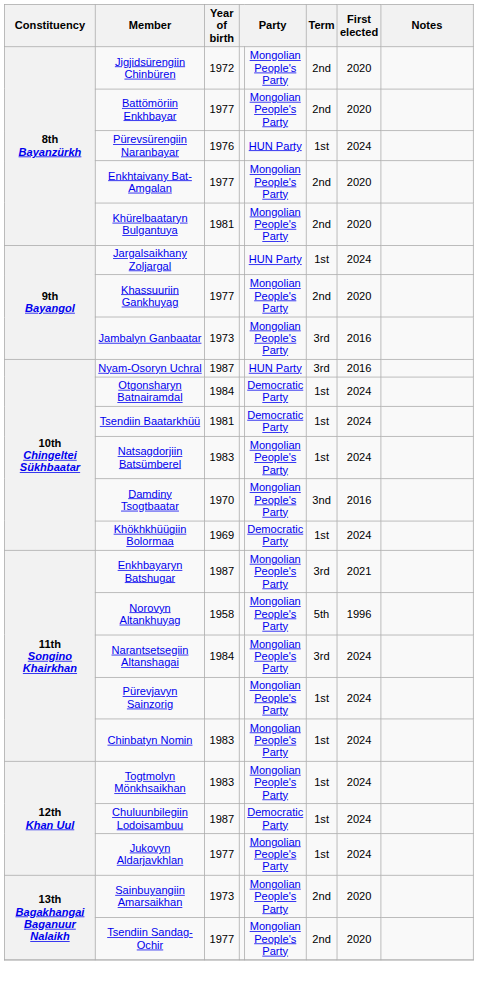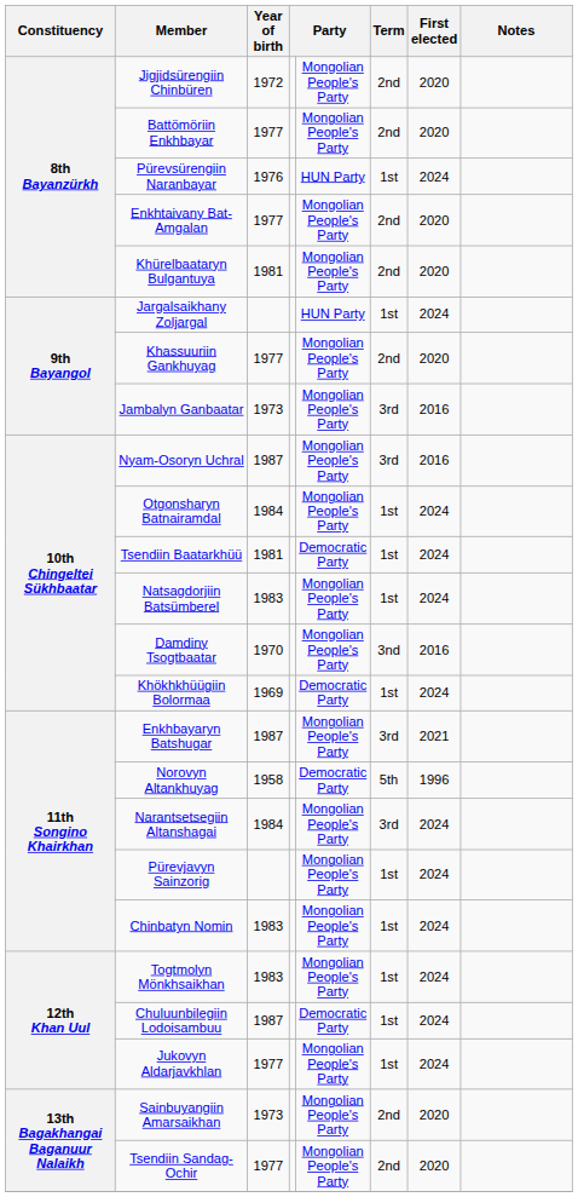 <table class="wikitable sortable" style="font-size:90%; text-align:center">
 <tr>
 <th scope="col" style="width:150px;">Constituency</th>
 <th scope="col" style="width:200px;">Member</th>
 <th scope="col" style="width:50px;">Year of birth</th>
 <th scope="col" style="width:200px;" colspan="2">Party</th>
 <th scope="col" style="width:20px;">Term</th>
 <th scope="col" style="width:50px;">First elected</th>
 <th scope="col" style="width:250px;" class="unsortable">Notes</th>
 </tr>
 <tr>
 <th rowspan="5">8th<br><em><a href='#'>Bayanzürkh</a></em></th>
 <td><a href='#'>Jigjidsürengiin Chinbüren</a></td>
 <td>1972</td>
 <td scope="row" width="1" style="background-color:"></td>
 <td><a href='#'>Mongolian People's Party</a></td>
 <td>2nd</td>
 <td>2020</td>
 <td></td>
 </tr>
 <tr>
 <td><a href='#'>Battömöriin Enkhbayar</a></td>
 <td>1977</td>
 <td scope="row" width="1" style="background-color:"></td>
 <td><a href='#'>Mongolian People's Party</a></td>
 <td>2nd</td>
 <td>2020</td>
 <td></td>
 </tr>
 <tr>
 <td><a href='#'>Pürevsürengiin Naranbayar</a></td>
 <td>1976</td>
 <td scope="row" width="1" style="background-color:"></td>
 <td><a href='#'>HUN Party</a></td>
 <td>1st</td>
 <td>2024</td>
 <td></td>
 </tr>
 <tr>
 <td><a href='#'>Enkhtaivany Bat-Amgalan</a></td>
 <td>1977</td>
 <td scope="row" width="1" style="background-color:"></td>
 <td><a href='#'>Mongolian People's Party</a></td>
 <td>2nd</td>
 <td>2020</td>
 <td></td>
 </tr>
 <tr>
 <td><a href='#'>Khürelbaataryn Bulgantuya</a></td>
 <td>1981</td>
 <td scope="row" width="1" style="background-color:"></td>
 <td><a href='#'>Mongolian People's Party</a></td>
 <td>2nd</td>
 <td>2020</td>
 <td></td>
 </tr>
 <tr>
 <th rowspan="3">9th<br><em><a href='#'>Bayangol</a></em></th>
 <td><a href='#'>Jargalsaikhany Zoljargal</a></td>
 <td></td>
 <td scope="row" width="1" style="background-color:"></td>
 <td><a href='#'>HUN Party</a></td>
 <td>1st</td>
 <td>2024</td>
 <td></td>
 </tr>
 <tr>
 <td><a href='#'>Khassuuriin Gankhuyag</a></td>
 <td>1977</td>
 <td scope="row" width="1" style="background-color:"></td>
 <td><a href='#'>Mongolian People's Party</a></td>
 <td>2nd</td>
 <td>2020</td>
 <td></td>
 </tr>
 <tr>
 <td><a href='#'>Jambalyn Ganbaatar</a></td>
 <td>1973</td>
 <td scope="row" width="1" style="background-color:"></td>
 <td><a href='#'>Mongolian People's Party</a></td>
 <td>3rd</td>
 <td>2016</td>
 <td></td>
 </tr>
 <tr>
 <th rowspan="6">10th<br><em><a href='#'>Chingeltei</a><br><a href='#'>Sükhbaatar</a></em></th>
 <td><a href='#'>Nyam-Osoryn Uchral</a></td>
 <td>1987</td>
 <td scope="row" width="1" style="background-color:"></td>
-<td><a href='#'>HUN Party</a></td>
+<td><a href='#'>Mongolian People's Party</a></td>
 <td>3rd</td>
 <td>2016</td>
 <td></td>
 </tr>
 <tr>
 <td><a href='#'>Otgonsharyn Batnairamdal</a></td>
 <td>1984</td>
 <td scope="row" width="1" style="background-color:"></td>
-<td><a href='#'>Democratic Party</a></td>
+<td><a href='#'>Mongolian People's Party</a></td>
 <td>1st</td>
 <td>2024</td>
 <td></td>
 </tr>
 <tr>
 <td><a href='#'>Tsendiin Baatarkhüü</a></td>
 <td>1981</td>
 <td scope="row" width="1" style="background-color:"></td>
 <td><a href='#'>Democratic Party</a></td>
 <td>1st</td>
 <td>2024</td>
 <td></td>
 </tr>
 <tr>
 <td><a href='#'>Natsagdorjiin Batsümberel</a></td>
 <td>1983</td>
 <td scope="row" width="1" style="background-color:"></td>
 <td><a href='#'>Mongolian People's Party</a></td>
 <td>1st</td>
 <td>2024</td>
 <td></td>
 </tr>
 <tr>
 <td><a href='#'>Damdiny Tsogtbaatar</a></td>
 <td>1970</td>
 <td scope="row" width="1" style="background-color:"></td>
 <td><a href='#'>Mongolian People's Party</a></td>
 <td>3nd</td>
 <td>2016</td>
 <td></td>
 </tr>
 <tr>
 <td><a href='#'>Khökhkhüügiin Bolormaa</a></td>
 <td>1969</td>
 <td scope="row" width="1" style="background-color:"></td>
 <td><a href='#'>Democratic Party</a></td>
 <td>1st</td>
 <td>2024</td>
 <td></td>
 </tr>
 <tr>
 <th rowspan="5">11th<br><em><a href='#'>Songino Khairkhan</a></em></th>
 <td><a href='#'>Enkhbayaryn Batshugar</a></td>
 <td>1987</td>
 <td scope="row" width="1" style="background-color:"></td>
 <td><a href='#'>Mongolian People's Party</a></td>
 <td>3rd</td>
 <td>2021</td>
 <td></td>
 </tr>
 <tr>
 <td><a href='#'>Norovyn Altankhuyag</a></td>
 <td>1958</td>
 <td scope="row" width="1" style="background-color:"></td>
-<td><a href='#'>Mongolian People's Party</a></td>
+<td><a href='#'>Democratic Party</a></td>
 <td>5th</td>
 <td>1996</td>
 <td></td>
 </tr>
 <tr>
 <td><a href='#'>Narantsetsegiin Altanshagai</a></td>
 <td>1984</td>
 <td scope="row" width="1" style="background-color:"></td>
 <td><a href='#'>Mongolian People's Party</a></td>
 <td>3rd</td>
 <td>2024</td>
 <td></td>
 </tr>
 <tr>
 <td><a href='#'>Pürevjavyn Sainzorig</a></td>
 <td></td>
 <td scope="row" width="1" style="background-color:"></td>
 <td><a href='#'>Mongolian People's Party</a></td>
 <td>1st</td>
 <td>2024</td>
 <td></td>
 </tr>
 <tr>
 <td><a href='#'>Chinbatyn Nomin</a></td>
 <td>1983</td>
 <td scope="row" width="1" style="background-color:"></td>
 <td><a href='#'>Mongolian People's Party</a></td>
 <td>1st</td>
 <td>2024</td>
 <td></td>
 </tr>
 <tr>
 <th rowspan="3">12th<br><em><a href='#'>Khan Uul</a></em></th>
 <td><a href='#'>Togtmolyn Mönkhsaikhan</a></td>
 <td>1983</td>
 <td scope="row" width="1" style="background-color:"></td>
 <td><a href='#'>Mongolian People's Party</a></td>
 <td>1st</td>
 <td>2024</td>
 <td></td>
 </tr>
 <tr>
 <td><a href='#'>Chuluunbilegiin Lodoisambuu</a></td>
 <td>1987</td>
 <td scope="row" width="1" style="background-color:"></td>
 <td><a href='#'>Democratic Party</a></td>
 <td>1st</td>
 <td>2024</td>
 <td></td>
 </tr>
 <tr>
 <td><a href='#'>Jukovyn Aldarjavkhlan</a></td>
 <td>1977</td>
 <td scope="row" width="1" style="background-color:"></td>
 <td><a href='#'>Mongolian People's Party</a></td>
 <td>1st</td>
 <td>2024</td>
 <td></td>
 </tr>
 <tr>
 <th rowspan="2">13th<br><em><a href='#'>Bagakhangai</a><br><a href='#'>Baganuur</a><br><a href='#'>Nalaikh</a></em></th>
 <td><a href='#'>Sainbuyangiin Amarsaikhan</a></td>
 <td>1973</td>
 <td scope="row" width="1" style="background-color:"></td>
 <td><a href='#'>Mongolian People's Party</a></td>
 <td>2nd</td>
 <td>2020</td>
 <td></td>
 </tr>
 <tr>
 <td><a href='#'>Tsendiin Sandag-Ochir</a></td>
 <td>1977</td>
 <td scope="row" width="1" style="background-color:"></td>
 <td><a href='#'>Mongolian People's Party</a></td>
 <td>2nd</td>
 <td>2020</td>
 <td></td>
 </tr>
 <tr>
 </tr>
 </table>
